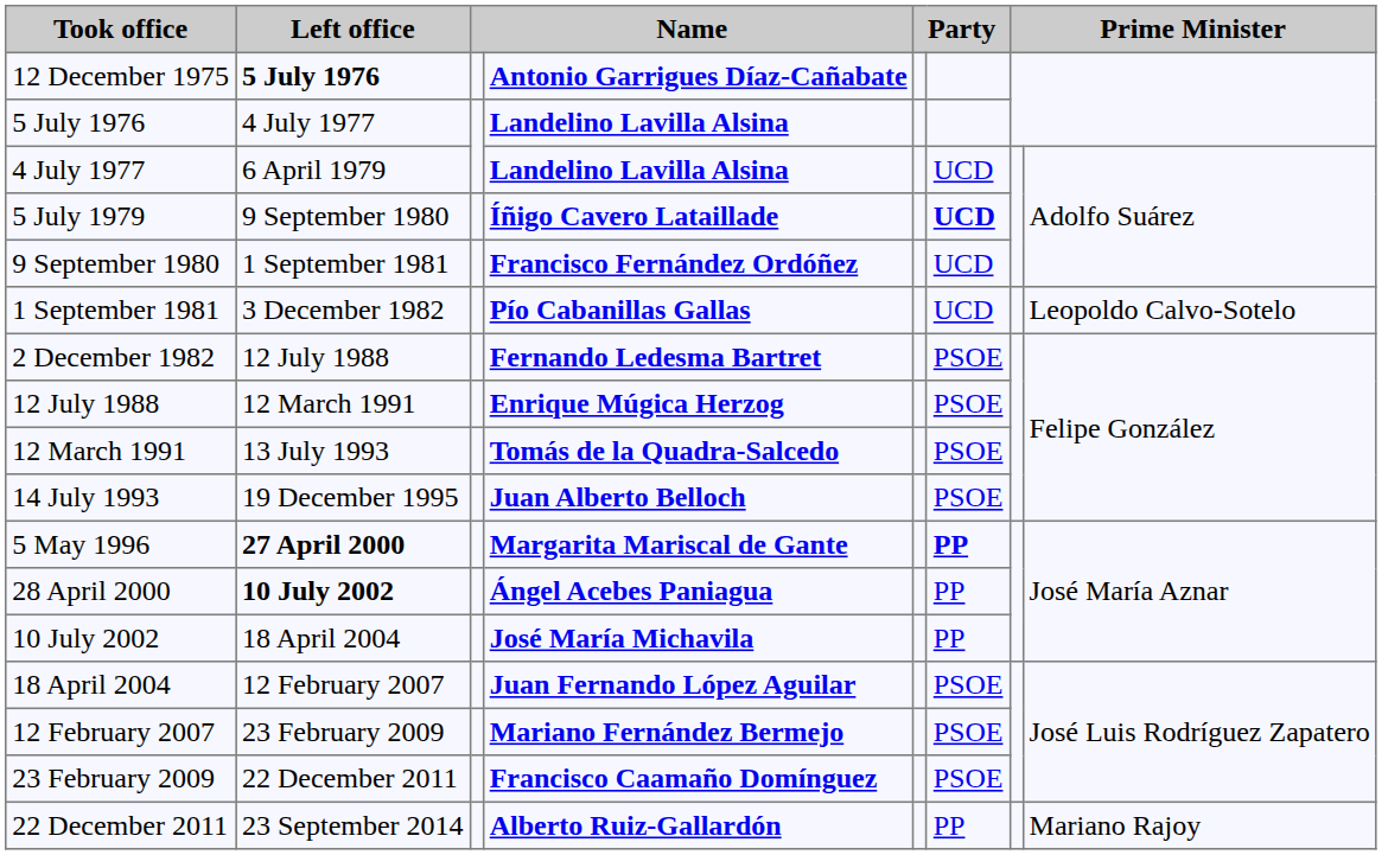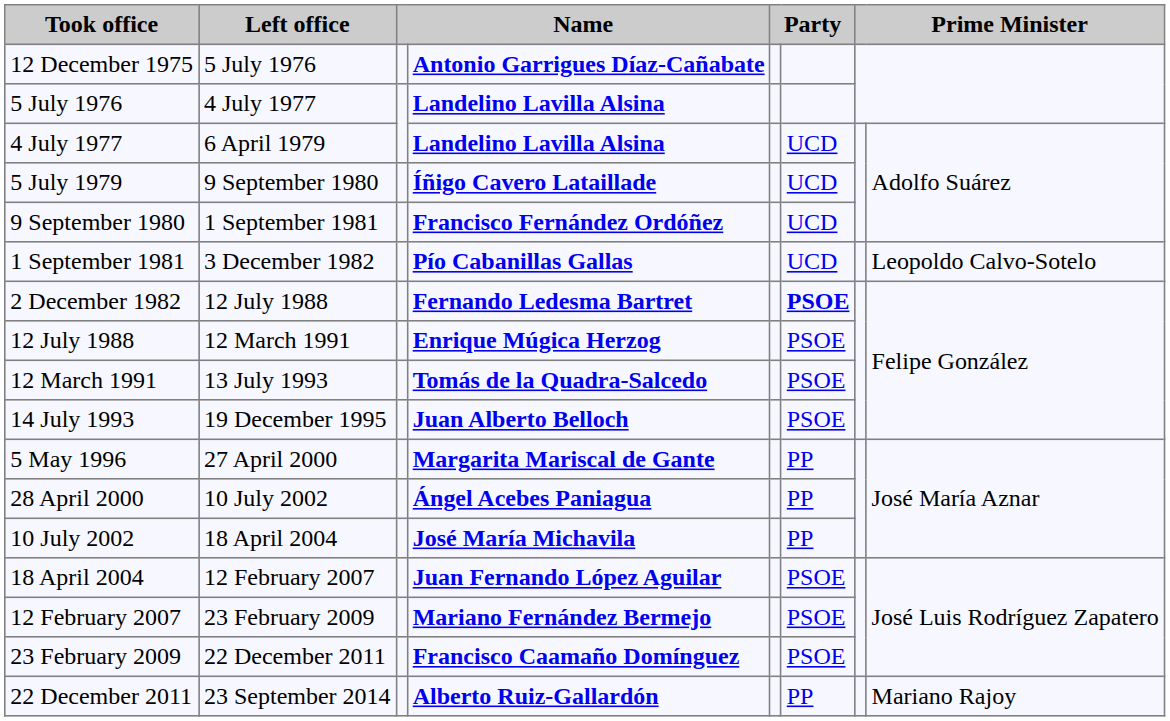 <table bgcolor="#f7f8ff" cellpadding="3" cellspacing="0" border="1" style="font-size: 95%; border: gray solid 1px; border-collapse: collapse;">
 <tr bgcolor="#CCCCCC">
 <th align="center">Took office</th>
 <th align="center">Left office</th>
 <th colspan="2">Name</th>
 <th colspan="2">Party</th>
 <th colspan="2">Prime Minister</th>
 </tr>
 <tr>
 <td>12 December 1975</td>
-<td><strong>5 July 1976</strong></td>
+<td>5 July 1976</td>
 <td></td>
 <td><strong><a href='#'>Antonio Garrigues Díaz-Cañabate</a></strong></td>
 <td></td>
 <td></td>
 </tr>
 <tr>
 <td>5 July 1976</td>
 <td>4 July 1977</td>
 <td rowspan="2"></td>
 <td><strong><a href='#'>Landelino Lavilla Alsina</a></strong></td>
 <td></td>
 <td></td>
 </tr>
 <tr>
 <td>4 July 1977</td>
 <td>6 April 1979</td>
 <td><strong><a href='#'>Landelino Lavilla Alsina</a></strong></td>
 <td style="background-color: "></td>
 <td><a href='#'>UCD</a></td>
 <td rowspan="3" style="background-color: "></td>
 <td rowspan="3">Adolfo Suárez</td>
 </tr>
 <tr>
 <td>5 July 1979</td>
 <td>9 September 1980</td>
 <td></td>
 <td><strong><a href='#'>Íñigo Cavero Lataillade</a></strong></td>
 <td style="background-color: "></td>
-<td><strong><a href='#'>UCD</a></strong></td>
+<td><a href='#'>UCD</a></td>
 </tr>
 <tr>
 <td>9 September 1980</td>
 <td>1 September 1981</td>
 <td></td>
 <td><strong><a href='#'>Francisco Fernández Ordóñez</a></strong></td>
 <td style="background-color: "></td>
 <td><a href='#'>UCD</a></td>
 </tr>
 <tr>
 <td>1 September 1981</td>
 <td>3 December 1982</td>
 <td></td>
 <td><strong><a href='#'>Pío Cabanillas Gallas</a></strong></td>
 <td style="background-color: "></td>
 <td><a href='#'>UCD</a></td>
 <td style="background-color: "></td>
 <td>Leopoldo Calvo-Sotelo</td>
 </tr>
 <tr>
 <td>2 December 1982</td>
 <td>12 July 1988</td>
 <td></td>
 <td><strong><a href='#'>Fernando Ledesma Bartret</a></strong></td>
 <td style="background-color: "></td>
-<td><a href='#'>PSOE</a></td>
+<td><strong><a href='#'>PSOE</a></strong></td>
 <td rowspan="4" style="background-color: "></td>
 <td rowspan="4">Felipe González</td>
 </tr>
 <tr>
 <td>12 July 1988</td>
 <td>12 March 1991</td>
 <td></td>
 <td><strong><a href='#'>Enrique Múgica Herzog</a></strong></td>
 <td style="background-color: "></td>
 <td><a href='#'>PSOE</a></td>
 </tr>
 <tr>
 <td>12 March 1991</td>
 <td>13 July 1993</td>
 <td></td>
 <td><strong><a href='#'>Tomás de la Quadra-Salcedo</a></strong></td>
 <td style="background-color: "></td>
 <td><a href='#'>PSOE</a></td>
 </tr>
 <tr>
 <td>14 July 1993</td>
 <td>19 December 1995</td>
 <td></td>
 <td><strong><a href='#'>Juan Alberto Belloch</a></strong></td>
 <td style="background-color: "></td>
 <td><a href='#'>PSOE</a></td>
 </tr>
 <tr>
 <td>5 May 1996</td>
-<td><strong>27 April 2000</strong></td>
+<td>27 April 2000</td>
 <td></td>
 <td><strong><a href='#'>Margarita Mariscal de Gante</a></strong></td>
 <td style="background-color: "></td>
-<td><strong><a href='#'>PP</a></strong></td>
+<td><a href='#'>PP</a></td>
 <td rowspan="3" style="background-color: "></td>
 <td rowspan="3">José María Aznar</td>
 </tr>
 <tr>
 <td>28 April 2000</td>
-<td><strong>10 July 2002</strong></td>
+<td>10 July 2002</td>
 <td></td>
 <td><strong><a href='#'>Ángel Acebes Paniagua</a></strong></td>
 <td style="background-color: "></td>
 <td><a href='#'>PP</a></td>
 </tr>
 <tr>
 <td>10 July 2002</td>
 <td>18 April 2004</td>
 <td></td>
 <td><strong><a href='#'>José María Michavila</a></strong></td>
 <td style="background-color: "></td>
 <td><a href='#'>PP</a></td>
 </tr>
 <tr>
 <td>18 April 2004</td>
 <td>12 February 2007</td>
 <td></td>
 <td><strong><a href='#'>Juan Fernando López Aguilar</a></strong></td>
 <td style="background-color: "></td>
 <td><a href='#'>PSOE</a></td>
 <td rowspan="3" style="background-color: "></td>
 <td rowspan="3">José Luis Rodríguez Zapatero</td>
 </tr>
 <tr>
 <td>12 February 2007</td>
 <td>23 February 2009</td>
 <td></td>
 <td><strong><a href='#'>Mariano Fernández Bermejo</a></strong></td>
 <td style="background-color: "></td>
 <td><a href='#'>PSOE</a></td>
 </tr>
 <tr>
 <td>23 February 2009</td>
 <td>22 December 2011</td>
 <td></td>
 <td><strong><a href='#'>Francisco Caamaño Domínguez</a></strong></td>
 <td style="background-color: "></td>
 <td><a href='#'>PSOE</a></td>
 </tr>
 <tr>
 <td>22 December 2011</td>
 <td>23 September 2014</td>
 <td></td>
 <td><strong><a href='#'>Alberto Ruiz-Gallardón</a></strong></td>
 <td style="background-color: "></td>
 <td><a href='#'>PP</a></td>
 <td style="background-color: "></td>
 <td>Mariano Rajoy</td>
 </tr>
 </table>
